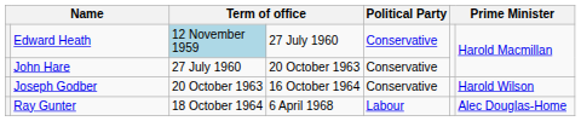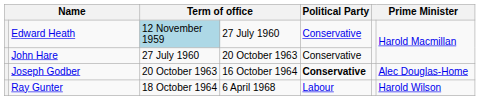 <table class="wikitable">
 <tr>
 <th colspan=2>Name</th>
 <th colspan=2>Term of office</th>
 <th>Political Party</th>
 <th colspan=2>Prime Minister</th>
 </tr>
 <tr>
 <th style="background-color: "></th>
 <td width=200><a href='#'>Edward Heath</a></td>
 <td width=120 style="background: lightblue;">12 November 1959</td>
 <td width=120>27 July 1960</td>
 <td><a href='#'>Conservative</a></td>
 <td rowspan=2 style="background-color: "></td>
 <td width=150 rowspan=2><a href='#'>Harold Macmillan</a></td>
 </tr>
 <tr>
 <th style="background-color: "></th>
 <td><a href='#'>John Hare</a></td>
 <td>27 July 1960</td>
 <td>20 October 1963</td>
 <td>Conservative</td>
 </tr>
 <tr>
 <th style="background-color: "></th>
 <td><a href='#'>Joseph Godber</a></td>
 <td>20 October 1963</td>
 <td>16 October 1964</td>
-<td>Conservative</td>
+<td><strong>Conservative</strong></td>
 <td style="background-color: "></td>
-<td><a href='#'>Harold Wilson</a></td>
+<td><a href='#'>Alec Douglas-Home</a></td>
 </tr>
 <tr>
 <th style="background-color: "></th>
 <td><a href='#'>Ray Gunter</a></td>
 <td>18 October 1964</td>
 <td>6 April 1968</td>
 <td><a href='#'>Labour</a></td>
 <td style="background-color: "></td>
-<td><a href='#'>Alec Douglas-Home</a></td>
+<td><a href='#'>Harold Wilson</a></td>
 </tr>
 </table>
